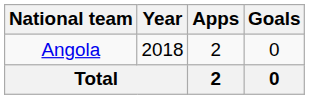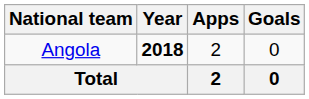 <table class="wikitable" style="text-align:center">
 <tr>
 <th>National team</th>
 <th>Year</th>
 <th>Apps</th>
 <th>Goals</th>
 </tr>
 <tr>
 <td><a href='#'>Angola</a></td>
-<td>2018</td>
+<td><strong>2018</strong></td>
 <td>2</td>
 <td>0</td>
 </tr>
 <tr>
 <th colspan=2>Total</th>
 <th>2</th>
 <th>0</th>
 </tr>
 </table>
